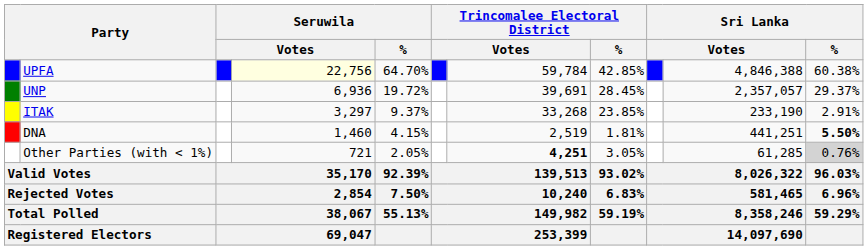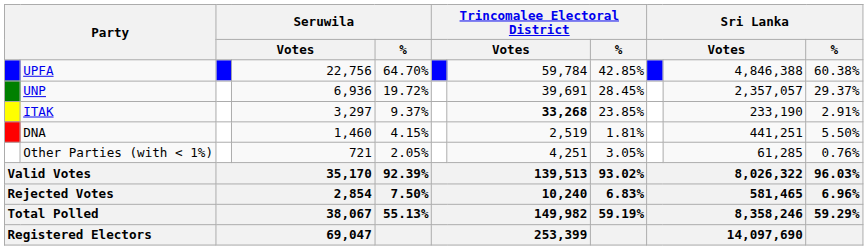 <table class="wikitable">
 <tr>
 <th colspan="2" width="144px"rowspan="2">Party</th>
 <th colspan="3" width="216px">Seruwila</th>
 <th colspan="3" width="216px"><a href='#'>Trincomalee Electoral District</a></th>
 <th colspan="3" width="216px">Sri Lanka</th>
 </tr>
 <tr>
 <th colspan="2" width="144px">Votes</th>
 <th>%</th>
 <th colspan="2" width="144px">Votes</th>
 <th>%</th>
 <th colspan="2" width="144px">Votes</th>
 <th>%</th>
 </tr>
 <tr>
 <td style="background-color:blue;" width="10px"></td>
 <td style="text-align:left;"><a href='#'>UPFA</a></td>
 <td style="background-color:blue;" width="10px"></td>
-<td style="background: lightyellow; text-align:right;">22,756</td>
+<td style="text-align:right;">22,756</td>
 <td style="text-align:right;">64.70%</td>
 <td style="background-color:blue;" width="10px"></td>
 <td style="text-align:right;">59,784</td>
 <td style="text-align:right;">42.85%</td>
 <td style="background-color:blue;" width="10px"></td>
 <td style="text-align:right;">4,846,388</td>
 <td style="text-align:right;">60.38%</td>
 </tr>
 <tr>
 <td style="background-color:green;" width="10px"></td>
 <td style="text-align:left;"><a href='#'>UNP</a></td>
 <td style="background-color:white;" width="10px"></td>
 <td style="text-align:right;">6,936</td>
 <td style="text-align:right;">19.72%</td>
 <td style="background-color:white;" width="10px"></td>
 <td style="text-align:right;">39,691</td>
 <td style="text-align:right;">28.45%</td>
 <td style="background-color:white;" width="10px"></td>
 <td style="text-align:right;">2,357,057</td>
 <td style="text-align:right;">29.37%</td>
 </tr>
 <tr>
 <td style="background-color:yellow;" width="10px"></td>
 <td style="text-align:left;"><a href='#'>ITAK</a></td>
 <td style="background-color:white;" width="10px"></td>
 <td style="text-align:right;">3,297</td>
 <td style="text-align:right;">9.37%</td>
 <td style="background-color:white;" width="10px"></td>
-<td style="text-align:right;">33,268</td>
+<td style="text-align:right;"><strong>33,268</strong></td>
 <td style="text-align:right;">23.85%</td>
 <td style="background-color:white;" width="10px"></td>
 <td style="text-align:right;">233,190</td>
 <td style="text-align:right;">2.91%</td>
 </tr>
 <tr>
 <td style="background-color:red;" width="10px"></td>
 <td style="text-align:left;">DNA</td>
 <td style="background-color:white;" width="10px"></td>
 <td style="text-align:right;">1,460</td>
 <td style="text-align:right;">4.15%</td>
 <td style="background-color:white;" width="10px"></td>
 <td style="text-align:right;">2,519</td>
 <td style="text-align:right;">1.81%</td>
 <td style="background-color:white;" width="10px"></td>
 <td style="text-align:right;">441,251</td>
-<td style="text-align:right;"><strong>5.50%</strong></td>
+<td style="text-align:right;">5.50%</td>
 </tr>
 <tr>
 <td style="background-color:white;" width="10px"></td>
 <td style="text-align:left;">Other Parties (with < 1%)</td>
 <td style="background-color:white;" width="10px"></td>
 <td style="text-align:right;">721</td>
 <td style="text-align:right;">2.05%</td>
 <td style="background-color:white;" width="10px"></td>
-<td style="text-align:right;"><strong>4,251</strong></td>
+<td style="text-align:right;">4,251</td>
 <td style="text-align:right;">3.05%</td>
 <td style="background-color:white;" width="10px"></td>
 <td style="text-align:right;">61,285</td>
-<td style="background: lightgrey; text-align:right;">0.76%</td>
+<td style="text-align:right;">0.76%</td>
 </tr>
 <tr>
 <th colspan="2" width="144px"style="text-align:left;">Valid Votes</th>
 <th style="text-align:right;"colspan="2" width="144px">35,170</th>
 <th style="text-align:right;">92.39%</th>
 <th style="text-align:right;"colspan="2" width="144px">139,513</th>
 <th style="text-align:right;">93.02%</th>
 <th style="text-align:right;"colspan="2" width="144px">8,026,322</th>
 <th style="text-align:right;">96.03%</th>
 </tr>
 <tr>
 <th colspan="2" width="144px"style="text-align:left;">Rejected Votes</th>
 <th style="text-align:right;"colspan="2" width="144px">2,854</th>
 <th style="text-align:right;">7.50%</th>
 <th style="text-align:right;"colspan="2" width="144px">10,240</th>
 <th style="text-align:right;">6.83%</th>
 <th style="text-align:right;"colspan="2" width="144px">581,465</th>
 <th style="text-align:right;">6.96%</th>
 </tr>
 <tr>
 <th colspan="2" width="144px"style="text-align:left;">Total Polled</th>
 <th style="text-align:right;"colspan="2" width="144px">38,067</th>
 <th style="text-align:right;">55.13%</th>
 <th style="text-align:right;"colspan="2" width="144px">149,982</th>
 <th style="text-align:right;">59.19%</th>
 <th style="text-align:right;"colspan="2" width="144px">8,358,246</th>
 <th style="text-align:right;">59.29%</th>
 </tr>
 <tr>
 <th colspan="2" width="144px"style="text-align:left;">Registered Electors</th>
 <th style="text-align:right;"colspan="2" width="144px">69,047</th>
 <th></th>
 <th style="text-align:right;"colspan="2" width="144px">253,399</th>
 <th></th>
 <th style="text-align:right;"colspan="2" width="144px">14,097,690</th>
 <th></th>
 </tr>
 </table>
